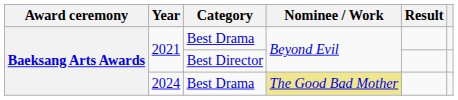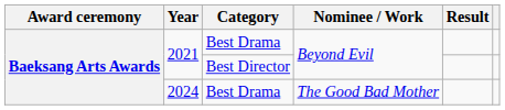 <table class="wikitable plainrowheaders sortable">
 <tr>
 <th scope="col">Award ceremony</th>
 <th scope="col">Year</th>
 <th scope="col">Category </th>
 <th scope="col">Nominee / Work</th>
 <th scope="col">Result</th>
 <th scope="col" class="unsortable"></th>
 </tr>
 <tr>
 <th scope="row" rowspan="3"><a href='#'>Baeksang Arts Awards</a></th>
 <td rowspan="2" style="text-align:center"><a href='#'>2021</a></td>
 <td><a href='#'>Best Drama</a></td>
 <td rowspan="2"><em><a href='#'>Beyond Evil</a></em></td>
 <td></td>
 <td style="text-align:center"></td>
 </tr>
 <tr>
 <td><a href='#'>Best Director</a></td>
 <td></td>
 <td style="text-align:center"></td>
 </tr>
 <tr>
 <td style="text-align:center"><a href='#'>2024</a></td>
 <td><a href='#'>Best Drama</a></td>
-<td style="background: khaki;"><em><a href='#'>The Good Bad Mother</a></em></td>
+<td><em><a href='#'>The Good Bad Mother</a></em></td>
 <td></td>
 <td style="text-align:center"></td>
 </tr>
 </table>
